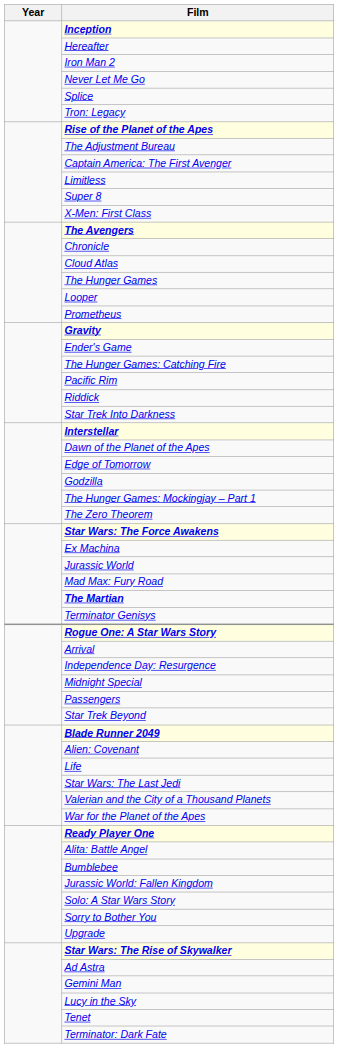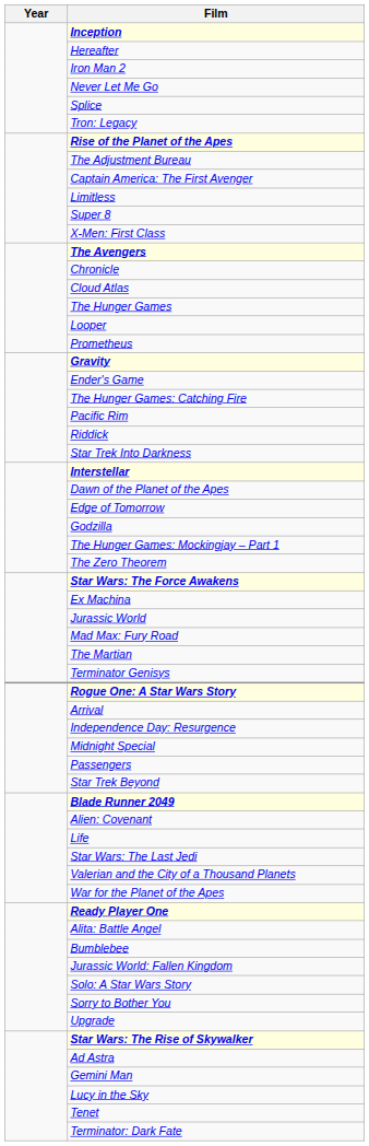 <table width="500" align="centre" class="wikitable">
 <tr>
 <th width="80">Year</th>
 <th>Film</th>
 </tr>
 <tr>
 <td rowspan=6></td>
 <td style="background:lightyellow"><strong><em><a href='#'>Inception</a></em></strong></td>
 </tr>
 <tr>
 <td><em><a href='#'>Hereafter</a></em></td>
 </tr>
 <tr>
 <td><em><a href='#'>Iron Man 2</a></em></td>
 </tr>
 <tr>
 <td><em><a href='#'>Never Let Me Go</a></em></td>
 </tr>
 <tr>
 <td><em><a href='#'>Splice</a></em></td>
 </tr>
 <tr>
 <td><em><a href='#'>Tron: Legacy</a></em></td>
 </tr>
 <tr>
 <td rowspan=6></td>
 <td style="background:lightyellow"><strong><em><a href='#'>Rise of the Planet of the Apes</a></em></strong></td>
 </tr>
 <tr>
 <td><em><a href='#'>The Adjustment Bureau</a></em></td>
 </tr>
 <tr>
 <td><em><a href='#'>Captain America: The First Avenger</a></em></td>
 </tr>
 <tr>
 <td><em><a href='#'>Limitless</a></em></td>
 </tr>
 <tr>
 <td><em><a href='#'>Super 8</a></em></td>
 </tr>
 <tr>
 <td><em><a href='#'>X-Men: First Class</a></em></td>
 </tr>
 <tr>
 <td rowspan=6></td>
 <td style="background:lightyellow"><strong><em><a href='#'>The Avengers</a></em></strong></td>
 </tr>
 <tr>
 <td><em><a href='#'>Chronicle</a></em></td>
 </tr>
 <tr>
 <td><em><a href='#'>Cloud Atlas</a></em></td>
 </tr>
 <tr>
 <td><em><a href='#'>The Hunger Games</a></em></td>
 </tr>
 <tr>
 <td><em><a href='#'>Looper</a></em></td>
 </tr>
 <tr>
 <td><em><a href='#'>Prometheus</a></em></td>
 </tr>
 <tr>
 <td rowspan=6></td>
 <td style="background:lightyellow"><strong><em><a href='#'>Gravity</a></em></strong></td>
 </tr>
 <tr>
 <td><em><a href='#'>Ender's Game</a></em></td>
 </tr>
 <tr>
 <td><em><a href='#'>The Hunger Games: Catching Fire</a></em></td>
 </tr>
 <tr>
 <td><em><a href='#'>Pacific Rim</a></em></td>
 </tr>
 <tr>
 <td><em><a href='#'>Riddick</a></em></td>
 </tr>
 <tr>
 <td><em><a href='#'>Star Trek Into Darkness</a></em></td>
 </tr>
 <tr>
 <td rowspan=6></td>
 <td style="background:lightyellow"><strong><em><a href='#'>Interstellar</a></em></strong></td>
 </tr>
 <tr>
 <td><em><a href='#'>Dawn of the Planet of the Apes</a></em></td>
 </tr>
 <tr>
 <td><em><a href='#'>Edge of Tomorrow</a></em></td>
 </tr>
 <tr>
 <td><em><a href='#'>Godzilla</a></em></td>
 </tr>
 <tr>
 <td><em><a href='#'>The Hunger Games: Mockingjay – Part 1</a></em></td>
 </tr>
 <tr>
 <td><em><a href='#'>The Zero Theorem</a></em></td>
 </tr>
 <tr>
 <td rowspan=6></td>
 <td style="background:lightyellow"><strong><em><a href='#'>Star Wars: The Force Awakens</a></em></strong></td>
 </tr>
 <tr>
 <td><em><a href='#'>Ex Machina</a></em></td>
 </tr>
 <tr>
 <td><em><a href='#'>Jurassic World</a></em></td>
 </tr>
 <tr>
 <td><em><a href='#'>Mad Max: Fury Road</a></em></td>
 </tr>
 <tr>
-<td><strong><em><a href='#'>The Martian</a></em></strong></td>
+<td><em><a href='#'>The Martian</a></em></td>
 </tr>
 <tr>
 <td><em><a href='#'>Terminator Genisys</a></em></td>
 </tr>
 <tr style="border-top:2px solid gray;">
 </tr>
 <tr>
 <td rowspan=6></td>
 <td style="background:lightyellow"><strong><em><a href='#'>Rogue One: A Star Wars Story</a></em></strong></td>
 </tr>
 <tr>
 <td><em><a href='#'>Arrival</a></em></td>
 </tr>
 <tr>
 <td><em><a href='#'>Independence Day: Resurgence</a></em></td>
 </tr>
 <tr>
 <td><em><a href='#'>Midnight Special</a></em></td>
 </tr>
 <tr>
 <td><em><a href='#'>Passengers</a></em></td>
 </tr>
 <tr>
 <td><em><a href='#'>Star Trek Beyond</a></em></td>
 </tr>
 <tr>
 <td rowspan=6></td>
 <td style="background:lightyellow"><strong><em><a href='#'>Blade Runner 2049</a></em></strong></td>
 </tr>
 <tr>
 <td><em><a href='#'>Alien: Covenant</a></em></td>
 </tr>
 <tr>
 <td><em><a href='#'>Life</a></em></td>
 </tr>
 <tr>
 <td><em><a href='#'>Star Wars: The Last Jedi</a></em></td>
 </tr>
 <tr>
 <td><em><a href='#'>Valerian and the City of a Thousand Planets</a></em></td>
 </tr>
 <tr>
 <td><em><a href='#'>War for the Planet of the Apes</a></em></td>
 </tr>
 <tr>
 <td rowspan=7></td>
 <td style="background:lightyellow"><strong><em><a href='#'>Ready Player One</a></em></strong></td>
 </tr>
 <tr>
 <td><em><a href='#'>Alita: Battle Angel</a></em></td>
 </tr>
 <tr>
 <td><em><a href='#'>Bumblebee</a></em></td>
 </tr>
 <tr>
 <td><em><a href='#'>Jurassic World: Fallen Kingdom</a></em></td>
 </tr>
 <tr>
 <td><em><a href='#'>Solo: A Star Wars Story</a></em></td>
 </tr>
 <tr>
 <td><em><a href='#'>Sorry to Bother You</a></em></td>
 </tr>
 <tr>
 <td><em><a href='#'>Upgrade</a></em></td>
 </tr>
 <tr>
 <td rowspan="6"></td>
 <td style="background:lightyellow"><strong><em><a href='#'>Star Wars: The Rise of Skywalker</a></em></strong></td>
 </tr>
 <tr>
 <td><em><a href='#'>Ad Astra</a></em></td>
 </tr>
 <tr>
 <td><em><a href='#'>Gemini Man</a></em></td>
 </tr>
 <tr>
 <td><em><a href='#'>Lucy in the Sky</a></em></td>
 </tr>
 <tr>
 <td><em><a href='#'>Tenet</a></em></td>
 </tr>
 <tr>
 <td><em><a href='#'>Terminator: Dark Fate</a></em></td>
 </tr>
 </table>
